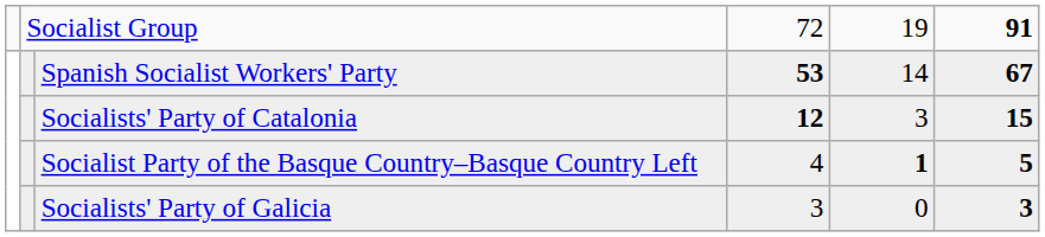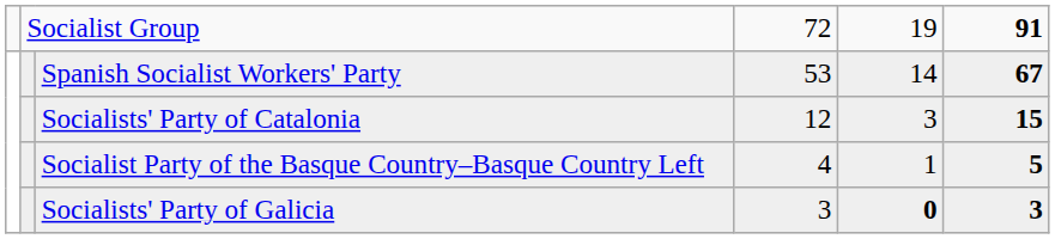 <table class="wikitable collapsible collapsed" style="text-align:right; font-size:95%; border:0px; margin-top:-1px; margin-bottom:0;">
 <tr>
 <td width="1"></td>
 <th style="text-align:left; font-weight:normal; background:#F9F9F9" colspan="2" width="385"><a href='#'>Socialist Group</a></th>
 <td width="50">72</td>
 <td width="51">19</td>
 <td width="51"><strong>91</strong></td>
 </tr>
 <tr style="background:#EFEFEF;">
 <td style="background:white;" rowspan="4"></td>
 <td width="1"></td>
 <td align="left"><a href='#'>Spanish Socialist Workers' Party</a></td>
-<td><strong>53</strong></td>
+<td>53</td>
 <td>14</td>
 <td><strong>67</strong></td>
 </tr>
 <tr style="background:#EFEFEF;">
 <td></td>
 <td align="left"><a href='#'>Socialists' Party of Catalonia</a></td>
-<td><strong>12</strong></td>
+<td>12</td>
 <td>3</td>
 <td><strong>15</strong></td>
 </tr>
 <tr style="background:#EFEFEF;">
 <td></td>
 <td align="left"><a href='#'>Socialist Party of the Basque Country–Basque Country Left</a></td>
 <td>4</td>
-<td><strong>1</strong></td>
+<td>1</td>
 <td><strong>5</strong></td>
 </tr>
 <tr style="background:#EFEFEF;">
 <td></td>
 <td align="left"><a href='#'>Socialists' Party of Galicia</a></td>
 <td>3</td>
-<td>0</td>
+<td><strong>0</strong></td>
 <td><strong>3</strong></td>
 </tr>
 </table>
